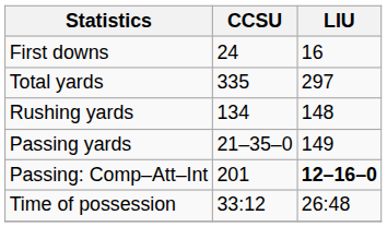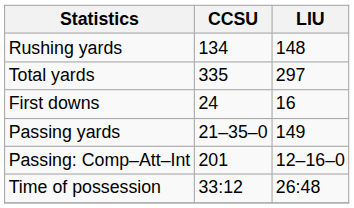 <table class="wikitable" style="float: left;">
 <tr>
 <th>Statistics</th>
 <th>CCSU</th>
 <th>LIU</th>
 </tr>
 <tr>
-<td>First downs</td>
-<td>24</td>
-<td>16</td>
+<td>Rushing yards</td>
+<td>134</td>
+<td>148</td>
 </tr>
 <tr>
 <td>Total yards</td>
 <td>335</td>
 <td>297</td>
 </tr>
 <tr>
-<td>Rushing yards</td>
-<td>134</td>
-<td>148</td>
+<td>First downs</td>
+<td>24</td>
+<td>16</td>
 </tr>
 <tr>
 <td>Passing yards</td>
 <td>21–35–0</td>
 <td>149</td>
 </tr>
 <tr>
 <td>Passing: Comp–Att–Int</td>
 <td>201</td>
-<td><strong>12–16–0</strong></td>
+<td>12–16–0</td>
 </tr>
 <tr>
 <td>Time of possession</td>
 <td>33:12</td>
 <td>26:48</td>
 </tr>
 <tr>
 </tr>
 </table>
